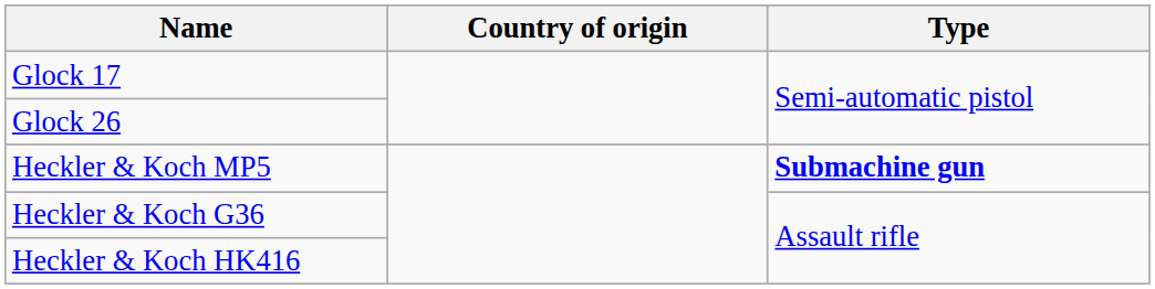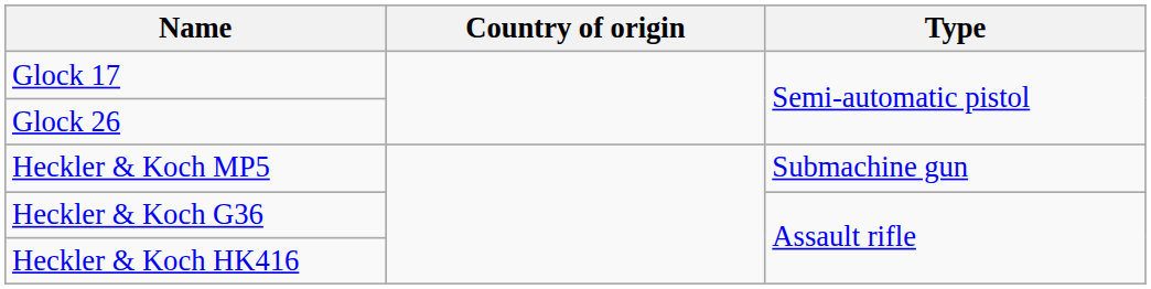 <table class="wikitable" border="0" width="100%">
 <tr>
 <th width="25%">Name</th>
 <th width="25%">Country of origin</th>
 <th width="25%">Type</th>
 </tr>
 <tr>
 <td><a href='#'>Glock 17</a></td>
 <td rowspan="2"></td>
 <td rowspan="2"><a href='#'>Semi-automatic pistol</a></td>
 </tr>
 <tr>
 <td><a href='#'>Glock 26</a></td>
 </tr>
 <tr>
 <td><a href='#'>Heckler & Koch MP5</a></td>
 <td rowspan="3"></td>
-<td><strong><a href='#'>Submachine gun</a></strong></td>
+<td><a href='#'>Submachine gun</a></td>
 </tr>
 <tr>
 <td><a href='#'>Heckler & Koch G36</a></td>
 <td rowspan="2"><a href='#'>Assault rifle</a></td>
 </tr>
 <tr>
 <td><a href='#'>Heckler & Koch HK416</a></td>
 </tr>
 </table>
